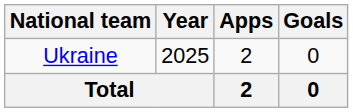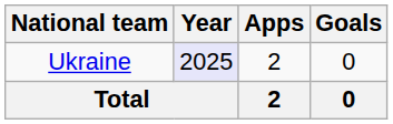 <table class="wikitable" style="text-align:center">
 <tr>
 <th>National team</th>
 <th>Year</th>
 <th>Apps</th>
 <th>Goals</th>
 </tr>
 <tr>
 <td><a href='#'>Ukraine</a></td>
-<td>2025</td>
+<td style="background: lavender;">2025</td>
 <td>2</td>
 <td>0</td>
 </tr>
 <tr>
 <th colspan="2">Total</th>
 <th>2</th>
 <th>0</th>
 </tr>
 </table>
